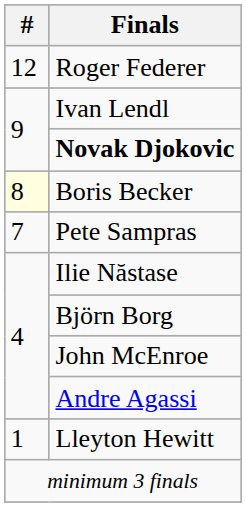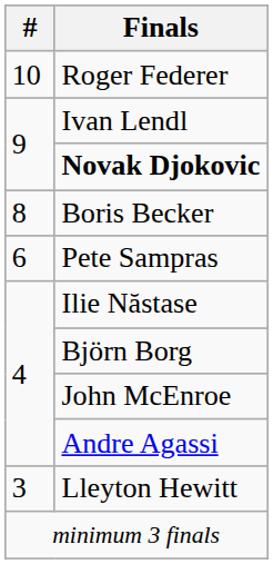 <table class="wikitable" style="display:inline-table;">
 <tr>
 <th width=20>#</th>
 <th>Finals</th>
 </tr>
 <tr>
-<td>12</td>
+<td>10</td>
 <td> Roger Federer</td>
 </tr>
 <tr>
 <td rowspan=2>9</td>
 <td> Ivan Lendl</td>
 </tr>
 <tr>
 <td> <strong>Novak Djokovic</strong></td>
 </tr>
 <tr>
-<td style="background: lightyellow;">8</td>
+<td>8</td>
 <td> Boris Becker</td>
 </tr>
 <tr>
-<td>7</td>
+<td>6</td>
 <td> Pete Sampras<br></td>
 </tr>
 <tr>
 <td rowspan="4">4</td>
 <td> Ilie Năstase</td>
 </tr>
 <tr>
 <td> Björn Borg</td>
 </tr>
 <tr>
 <td> John McEnroe</td>
 </tr>
 <tr>
 <td> <a href='#'>Andre Agassi</a></td>
 </tr>
 <tr>
-<td>1</td>
+<td>3</td>
 <td> Lleyton Hewitt</td>
 </tr>
 <tr>
 <td colspan="3" style="text-align: center;"><small><em>minimum 3 finals</em></small></td>
 </tr>
 </table>
